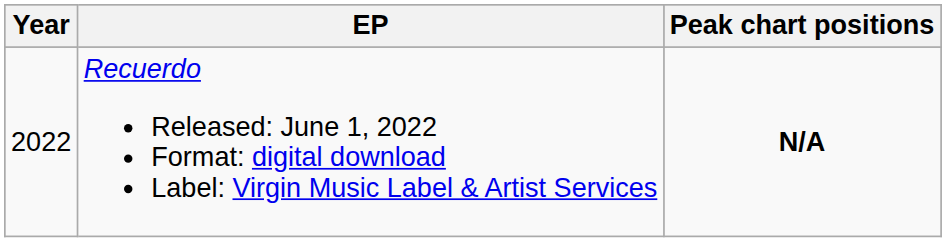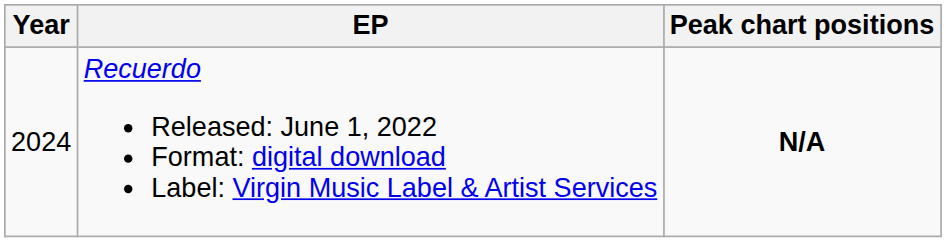 <table class="wikitable" style="text-align:center;">
 <tr>
 <th rowspan="1">Year</th>
 <th rowspan="1">EP</th>
 <th colspan="1">Peak chart positions</th>
 </tr>
 <tr>
-<td>2022</td>
+<td>2024</td>
 <td align="left"><em><a href='#'>Recuerdo</a></em><br><ul><li>Released: June 1, 2022</li><li>Format: <a href='#'>digital download</a></li><li>Label: <a href='#'>Virgin Music Label & Artist Services</a></li></ul></td>
 <td><strong>N/A</strong></td>
 </tr>
 </table>
